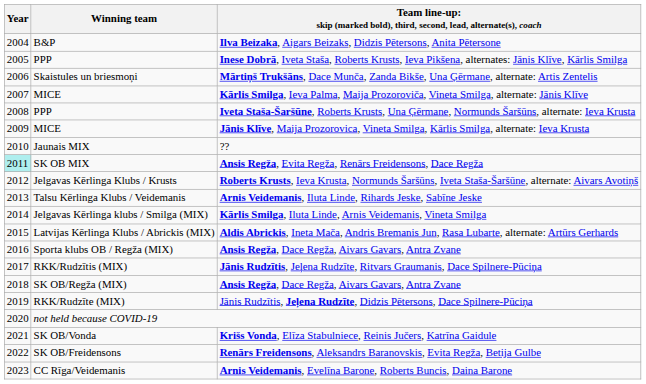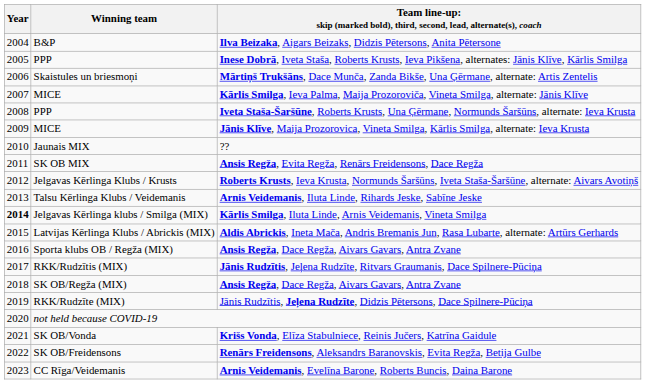 <table class="wikitable" border="1">
 <tr>
 <th>Year</th>
 <th>Winning team</th>
 <th>Team line-up:<br><small>skip (marked bold), third, second, lead, alternate(s), <em>coach</em></small></th>
 </tr>
 <tr>
 <td>2004</td>
 <td>B&P</td>
 <td><strong><a href='#'>Ilva Beizaka</a></strong>, <a href='#'>Aigars Beizaks</a>, <a href='#'>Didzis Pētersons</a>, <a href='#'>Anita Pētersone</a></td>
 </tr>
 <tr>
 <td>2005</td>
 <td>PPP</td>
 <td><strong><a href='#'>Inese Dobrā</a></strong>, <a href='#'>Iveta Staša</a>, <a href='#'>Roberts Krusts</a>, <a href='#'>Ieva Pikšena</a>, alternates: <a href='#'>Jānis Klīve</a>, <a href='#'>Kārlis Smilga</a></td>
 </tr>
 <tr>
 <td>2006</td>
 <td>Skaistules un briesmoņi</td>
 <td><strong><a href='#'>Mārtiņš Trukšāns</a></strong>, <a href='#'>Dace Munča</a>, <a href='#'>Zanda Bikše</a>, <a href='#'>Una Ģērmane</a>, alternate: <a href='#'>Artis Zentelis</a></td>
 </tr>
 <tr>
 <td>2007</td>
 <td>MICE</td>
 <td><strong><a href='#'>Kārlis Smilga</a></strong>, <a href='#'>Ieva Palma</a>, <a href='#'>Maija Prozoroviča</a>, <a href='#'>Vineta Smilga</a>, alternate: <a href='#'>Jānis Klīve</a></td>
 </tr>
 <tr>
 <td>2008</td>
 <td>PPP</td>
 <td><strong><a href='#'>Iveta Staša-Šaršūne</a></strong>, <a href='#'>Roberts Krusts</a>, <a href='#'>Una Ģērmane</a>, <a href='#'>Normunds Šaršūns</a>, alternate: <a href='#'>Ieva Krusta</a></td>
 </tr>
 <tr>
 <td>2009</td>
 <td>MICE</td>
 <td><strong><a href='#'>Jānis Klīve</a></strong>, <a href='#'>Maija Prozorovica</a>, <a href='#'>Vineta Smilga</a>, <a href='#'>Kārlis Smilga</a>, alternate: <a href='#'>Ieva Krusta</a></td>
 </tr>
 <tr>
 <td>2010</td>
 <td>Jaunais MIX</td>
 <td>??</td>
 </tr>
 <tr>
-<td style="background: paleturquoise;">2011</td>
+<td>2011</td>
 <td>SK OB MIX</td>
 <td><strong><a href='#'>Ansis Regža</a></strong>, <a href='#'>Evita Regža</a>, <a href='#'>Renārs Freidensons</a>, <a href='#'>Dace Regža</a></td>
 </tr>
 <tr>
 <td>2012</td>
 <td>Jelgavas Kērlinga Klubs / Krusts</td>
 <td><strong><a href='#'>Roberts Krusts</a></strong>, <a href='#'>Ieva Krusta</a>, <a href='#'>Normunds Šaršūns</a>, <a href='#'>Iveta Staša-Šaršūne</a>, alternate: <a href='#'>Aivars Avotiņš</a></td>
 </tr>
 <tr>
 <td>2013</td>
 <td>Talsu Kērlinga Klubs / Veidemanis</td>
 <td><strong><a href='#'>Arnis Veidemanis</a></strong>, <a href='#'>Iluta Linde</a>, <a href='#'>Rihards Jeske</a>, <a href='#'>Sabīne Jeske</a></td>
 </tr>
 <tr>
-<td>2014</td>
+<td><strong>2014</strong></td>
 <td>Jelgavas Kērlinga klubs / Smilga (MIX)</td>
 <td><strong><a href='#'>Kārlis Smilga</a></strong>, <a href='#'>Iluta Linde</a>, <a href='#'>Arnis Veidemanis</a>, <a href='#'>Vineta Smilga</a></td>
 </tr>
 <tr>
 <td>2015</td>
 <td>Latvijas Kērlinga Klubs / Abrickis (MIX)</td>
 <td><strong><a href='#'>Aldis Abrickis</a></strong>, <a href='#'>Ineta Mača</a>, <a href='#'>Andris Bremanis Jun</a>, <a href='#'>Rasa Lubarte</a>, alternate: <a href='#'>Artūrs Gerhards</a></td>
 </tr>
 <tr>
 <td>2016</td>
 <td>Sporta klubs OB / Regža (MIX)</td>
 <td><strong><a href='#'>Ansis Regža</a></strong>, <a href='#'>Dace Regža</a>, <a href='#'>Aivars Gavars</a>, <a href='#'>Antra Zvane</a></td>
 </tr>
 <tr>
 <td>2017</td>
 <td>RKK/Rudzītis (MIX)</td>
 <td><strong><a href='#'>Jānis Rudzītis</a></strong>, <a href='#'>Jeļena Rudzīte</a>, <a href='#'>Ritvars Graumanis</a>, <a href='#'>Dace Spilnere-Pūciņa</a></td>
 </tr>
 <tr>
 <td>2018</td>
 <td>SK OB/Regža (MIX)</td>
 <td><strong><a href='#'>Ansis Regža</a></strong>, <a href='#'>Dace Regža</a>, <a href='#'>Aivars Gavars</a>, <a href='#'>Antra Zvane</a></td>
 </tr>
 <tr>
 <td>2019</td>
 <td>RKK/Rudzīte (MIX)</td>
 <td><a href='#'>Jānis Rudzītis</a>, <strong><a href='#'>Jeļena Rudzīte</a></strong>, <a href='#'>Didzis Pētersons</a>, <a href='#'>Dace Spilnere-Pūciņa</a></td>
 </tr>
 <tr>
 <td>2020</td>
 <td colspan=2><em>not held because COVID-19</em></td>
 </tr>
 <tr>
 <td>2021</td>
 <td>SK OB/Vonda</td>
 <td><strong><a href='#'>Krišs Vonda</a></strong>, <a href='#'>Elīza Stabulniece</a>, <a href='#'>Reinis Jučers</a>, <a href='#'>Katrīna Gaidule</a></td>
 </tr>
 <tr>
 <td>2022</td>
 <td>SK OB/Freidensons</td>
 <td><strong><a href='#'>Renārs Freidensons</a></strong>, <a href='#'>Aleksandrs Baranovskis</a>, <a href='#'>Evita Regža</a>, <a href='#'>Betija Gulbe</a></td>
 </tr>
 <tr>
 <td>2023</td>
 <td>CC Rīga/Veidemanis</td>
 <td><strong><a href='#'>Arnis Veidemanis</a></strong>, <a href='#'>Evelīna Barone</a>, <a href='#'>Roberts Buncis</a>, <a href='#'>Daina Barone</a></td>
 </tr>
 </table>
